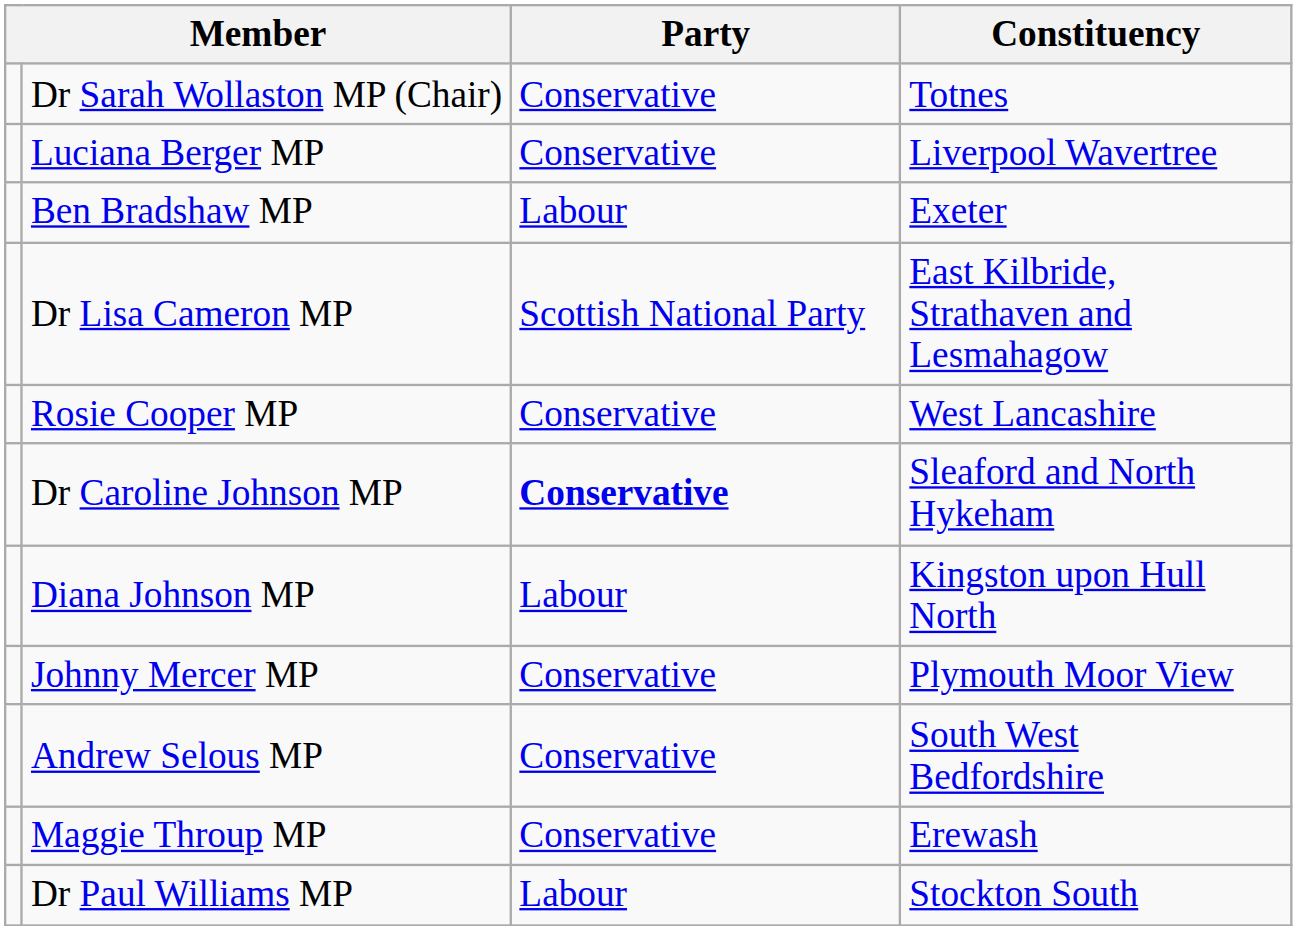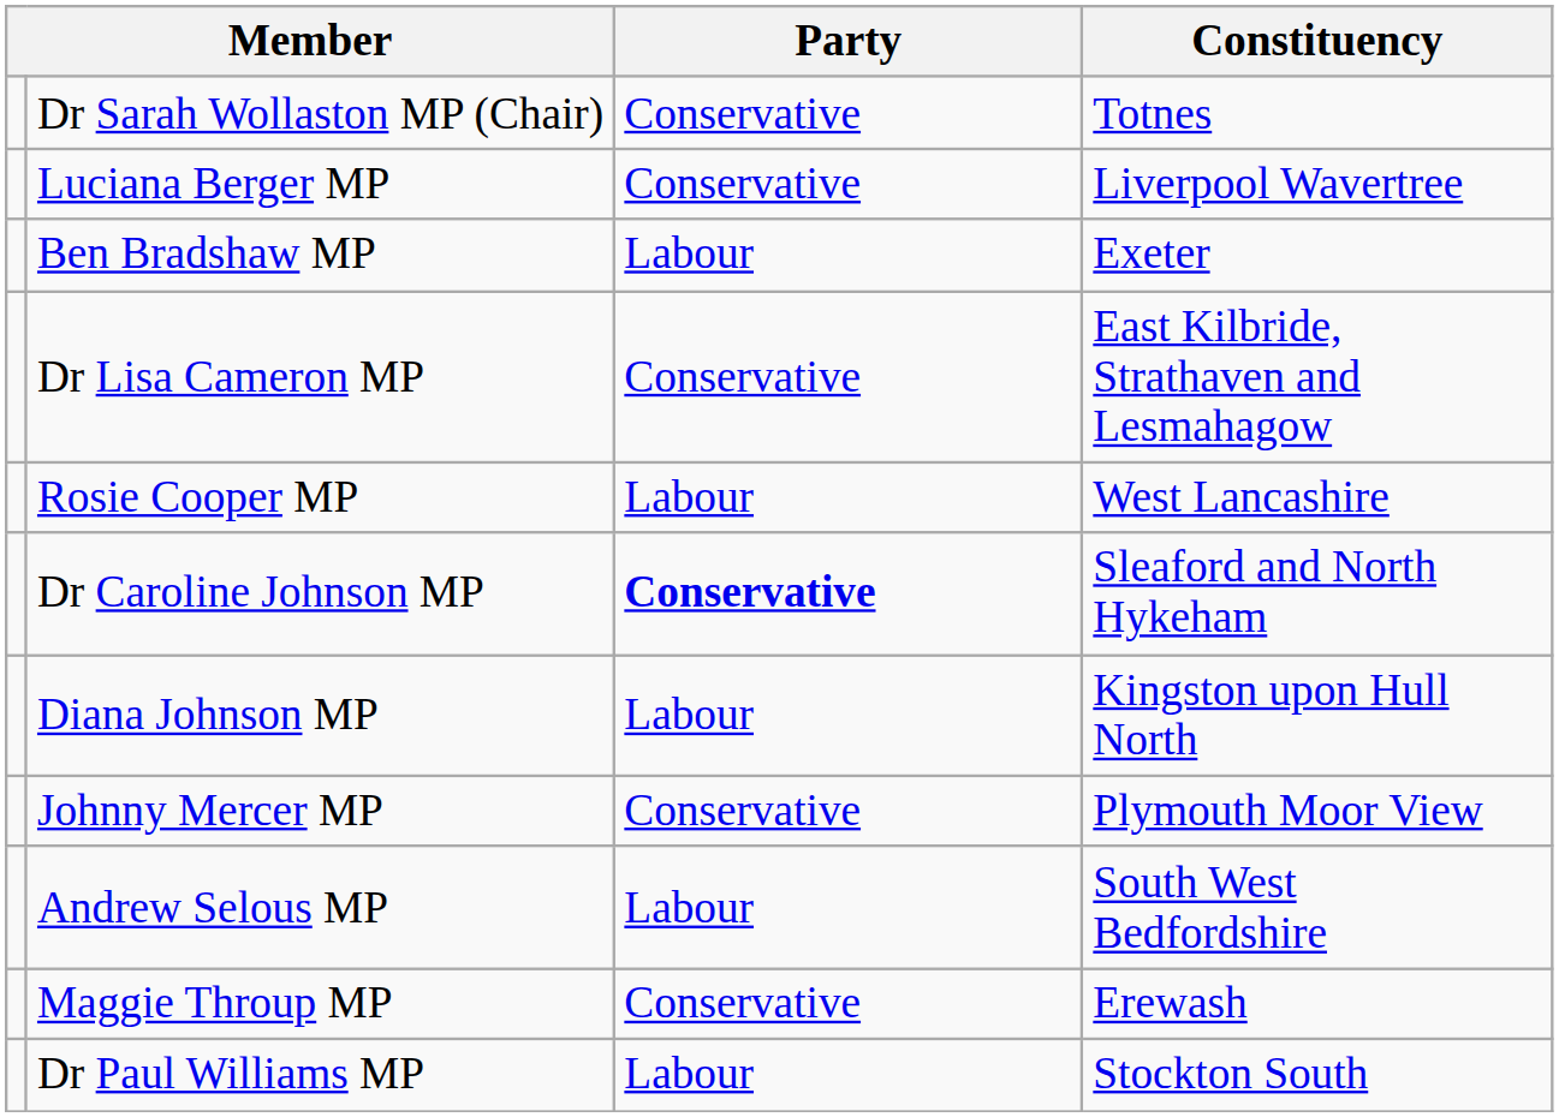 <table class="wikitable">
 <tr>
 <th width="160px" colspan="2" valign="top">Member</th>
 <th width="160px" valign="top">Party</th>
 <th width="160px" valign="top">Constituency</th>
 </tr>
 <tr>
 <td style="color:inherit;background:"></td>
 <td>Dr <a href='#'>Sarah Wollaston</a> MP (Chair)</td>
 <td><a href='#'>Conservative</a></td>
 <td><a href='#'>Totnes</a></td>
 </tr>
 <tr>
 <td style="color:inherit;background:"></td>
 <td><a href='#'>Luciana Berger</a> MP</td>
 <td><a href='#'>Conservative</a></td>
 <td><a href='#'>Liverpool Wavertree</a></td>
 </tr>
 <tr>
 <td style="color:inherit;background:"></td>
 <td><a href='#'>Ben Bradshaw</a> MP</td>
 <td><a href='#'>Labour</a></td>
 <td><a href='#'>Exeter</a></td>
 </tr>
 <tr>
 <td style="color:inherit;background:"></td>
 <td>Dr <a href='#'>Lisa Cameron</a> MP</td>
-<td><a href='#'>Scottish National Party</a></td>
+<td><a href='#'>Conservative</a></td>
 <td><a href='#'>East Kilbride, Strathaven and Lesmahagow</a></td>
 </tr>
 <tr>
 <td style="color:inherit;background:"></td>
 <td><a href='#'>Rosie Cooper</a> MP</td>
-<td><a href='#'>Conservative</a></td>
+<td><a href='#'>Labour</a></td>
 <td><a href='#'>West Lancashire</a></td>
 </tr>
 <tr>
 <td style="color:inherit;background:"></td>
 <td>Dr <a href='#'>Caroline Johnson</a> MP</td>
 <td><strong><a href='#'>Conservative</a></strong></td>
 <td><a href='#'>Sleaford and North Hykeham</a></td>
 </tr>
 <tr>
 <td style="color:inherit;background:"></td>
 <td><a href='#'>Diana Johnson</a> MP</td>
 <td><a href='#'>Labour</a></td>
 <td><a href='#'>Kingston upon Hull North</a></td>
 </tr>
 <tr>
 <td style="color:inherit;background:"></td>
 <td><a href='#'>Johnny Mercer</a> MP</td>
 <td><a href='#'>Conservative</a></td>
 <td><a href='#'>Plymouth Moor View</a></td>
 </tr>
 <tr>
 <td style="color:inherit;background:"></td>
 <td><a href='#'>Andrew Selous</a> MP</td>
-<td><a href='#'>Conservative</a></td>
+<td><a href='#'>Labour</a></td>
 <td><a href='#'>South West Bedfordshire</a></td>
 </tr>
 <tr>
 <td style="color:inherit;background:"></td>
 <td><a href='#'>Maggie Throup</a> MP</td>
 <td><a href='#'>Conservative</a></td>
 <td><a href='#'>Erewash</a></td>
 </tr>
 <tr>
 <td style="color:inherit;background:"></td>
 <td>Dr <a href='#'>Paul Williams</a> MP</td>
 <td><a href='#'>Labour</a></td>
 <td><a href='#'>Stockton South</a></td>
 </tr>
 </table>
